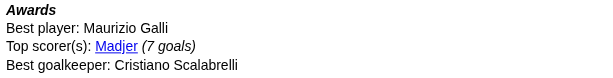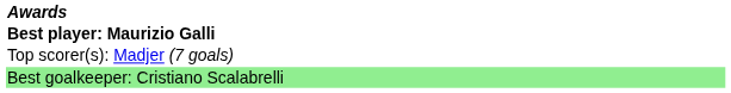 <table width=100% cellspacing=1 style="font-size: 90%;">
 <tr>
 <td><strong><em>Awards</em></strong></td>
 </tr>
 <tr>
-<td>Best player:  Maurizio Galli</td>
+<td><strong>Best player:  Maurizio Galli</strong></td>
 </tr>
 <tr>
 <td colspan=4>Top scorer(s):  <a href='#'>Madjer</a> <em>(7 goals)</em></td>
 </tr>
 <tr>
-<td>Best goalkeeper:  Cristiano Scalabrelli</td>
+<td style="background: lightgreen;">Best goalkeeper:  Cristiano Scalabrelli</td>
 </tr>
 </table>
